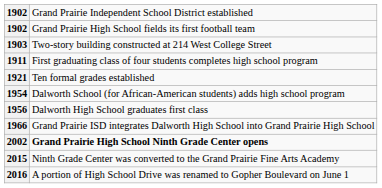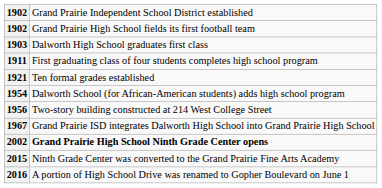 <table class="wikitable">
 <tr>
 <th>1902</th>
 <td>Grand Prairie Independent School District established</td>
 </tr>
 <tr>
 <th>1902</th>
 <td>Grand Prairie High School fields its first football team</td>
 </tr>
 <tr>
 <th>1903</th>
-<td>Two-story building constructed at 214 West College Street</td>
+<td>Dalworth High School graduates first class</td>
 </tr>
 <tr>
 <th>1911</th>
 <td>First graduating class of four students completes high school program</td>
 </tr>
 <tr>
 <th>1921</th>
 <td>Ten formal grades established</td>
 </tr>
 <tr>
 <th>1954</th>
 <td>Dalworth School (for African-American students) adds high school program</td>
 </tr>
 <tr>
 <th>1956</th>
-<td>Dalworth High School graduates first class</td>
+<td>Two-story building constructed at 214 West College Street</td>
 </tr>
 <tr>
-<th>1966</th>
+<th>1967</th>
 <td>Grand Prairie ISD integrates Dalworth High School into Grand Prairie High School</td>
 </tr>
 <tr>
 <th>2002</th>
 <td><strong>Grand Prairie High School Ninth Grade Center opens</strong></td>
 </tr>
 <tr>
 <th>2015</th>
 <td>Ninth Grade Center was converted to the Grand Prairie Fine Arts Academy</td>
 </tr>
 <tr>
 <th>2016</th>
 <td>A portion of High School Drive was renamed to Gopher Boulevard on June 1</td>
 </tr>
 </table>
